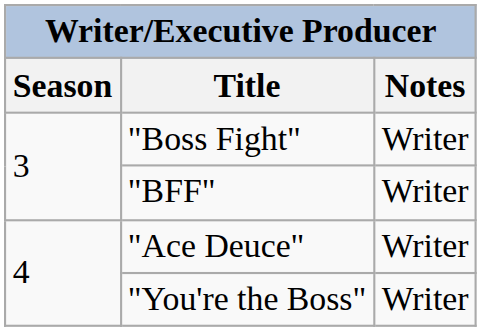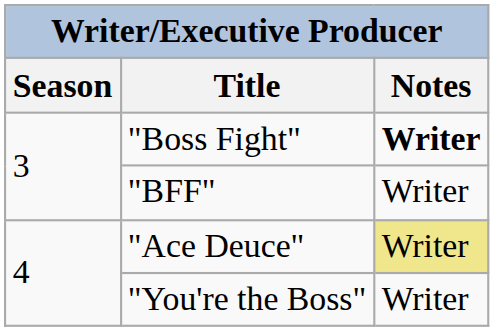 <table class="wikitable" style="font-size: 100%;">
 <tr>
 <th colspan="3" style=" background: LightSteelBlue;">Writer/Executive Producer</th>
 </tr>
 <tr>
 <th>Season</th>
 <th>Title</th>
 <th>Notes</th>
 </tr>
 <tr>
 <td style= align="center" rowspan="2">3</td>
 <td>"Boss Fight"</td>
-<td>Writer</td>
+<td><strong>Writer</strong></td>
 </tr>
 <tr>
 <td>"BFF"</td>
 <td>Writer</td>
 </tr>
 <tr>
 <td style= align="center" rowspan="2">4</td>
 <td>"Ace Deuce"</td>
-<td>Writer</td>
+<td style="background: khaki;">Writer</td>
 </tr>
 <tr>
 <td>"You're the Boss"</td>
 <td>Writer</td>
 </tr>
 </table>
